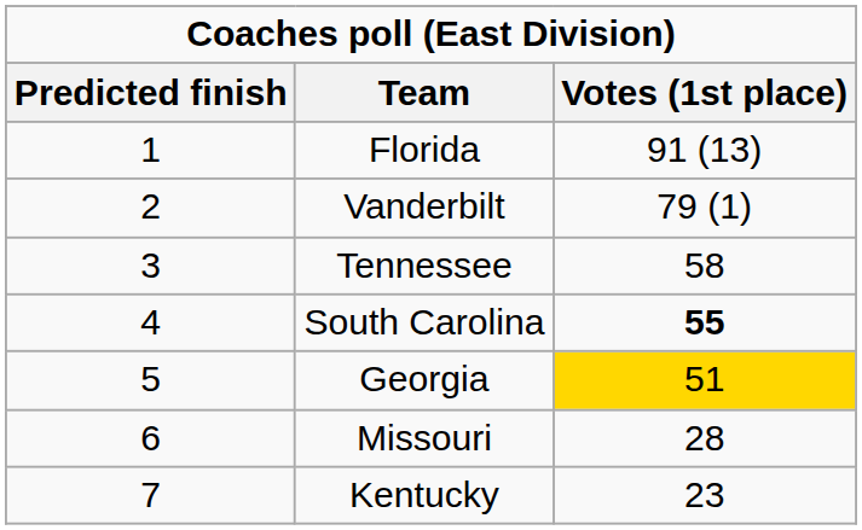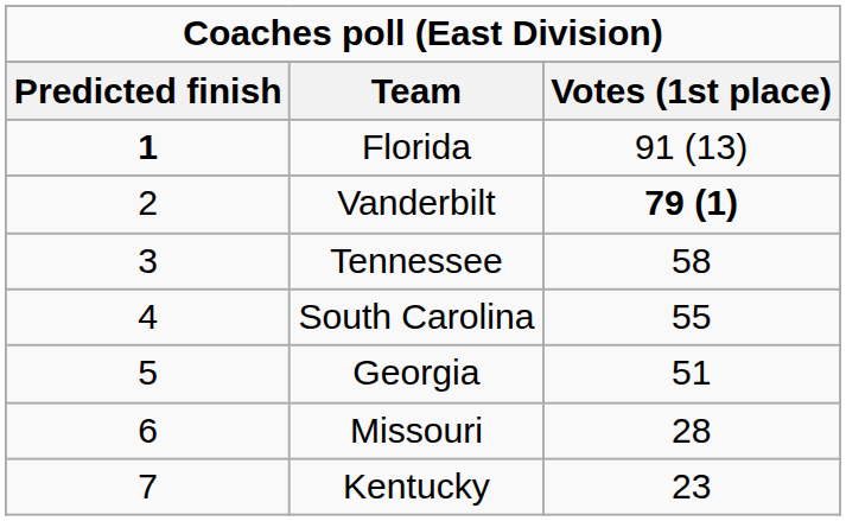 <table class="wikitable" style="display: inline-table;">
 <tr>
 <td align="center" Colspan="3"><strong>Coaches poll (East Division)</strong></td>
 </tr>
 <tr align="center">
 <th>Predicted finish</th>
 <th>Team</th>
 <th>Votes (1st place)</th>
 </tr>
 <tr align="center">
-<td>1</td>
+<td><strong>1</strong></td>
 <td>Florida</td>
 <td>91 (13)</td>
 </tr>
 <tr align="center">
 <td>2</td>
 <td>Vanderbilt</td>
-<td>79 (1)</td>
+<td><strong>79 (1)</strong></td>
 </tr>
 <tr align="center">
 <td>3</td>
 <td>Tennessee</td>
 <td>58</td>
 </tr>
 <tr align="center">
 <td>4</td>
 <td>South Carolina</td>
-<td><strong>55</strong></td>
+<td>55</td>
 </tr>
 <tr align="center">
 <td>5</td>
 <td>Georgia</td>
-<td style="background: gold;">51</td>
+<td>51</td>
 </tr>
 <tr align="center">
 <td>6</td>
 <td>Missouri</td>
 <td>28</td>
 </tr>
 <tr align="center">
 <td>7</td>
 <td>Kentucky</td>
 <td>23</td>
 </tr>
 </table>
